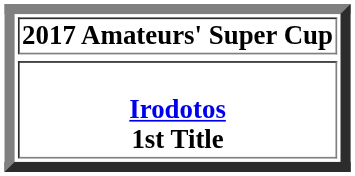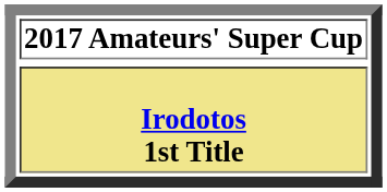 <table border="6" style="text-align:center;margin: 0 auto;">
 <tr>
 <th>2017 Amateurs' Super Cup</th>
 </tr>
 <tr>
 </tr>
 <tr>
-<td> <br><strong><a href='#'>Irodotos</a></strong><br><strong>1st Title</strong></td>
+<td style="background: khaki;"> <br><strong><a href='#'>Irodotos</a></strong><br><strong>1st Title</strong></td>
 </tr>
 </table>
